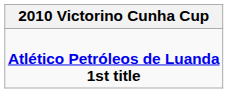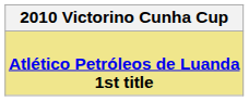 <table class=wikitable style="text-align:center; margin:auto">
 <tr>
 <th>2010 Victorino Cunha Cup</th>
 </tr>
 <tr>
-<td><br><strong><a href='#'>Atlético Petróleos de Luanda</a></strong><br><strong>1st title</strong></td>
+<td style="background: khaki;"><br><strong><a href='#'>Atlético Petróleos de Luanda</a></strong><br><strong>1st title</strong></td>
 </tr>
 </table>
